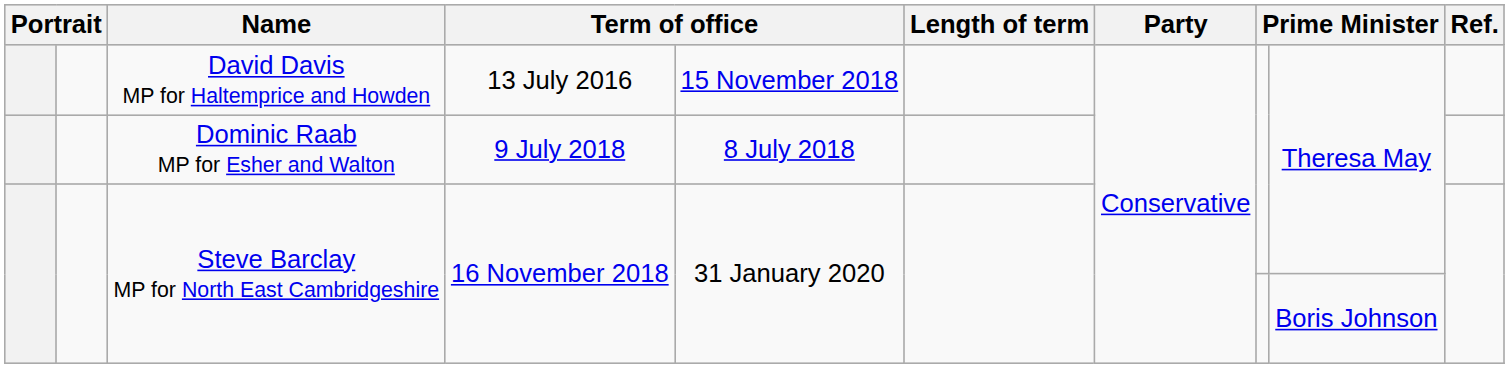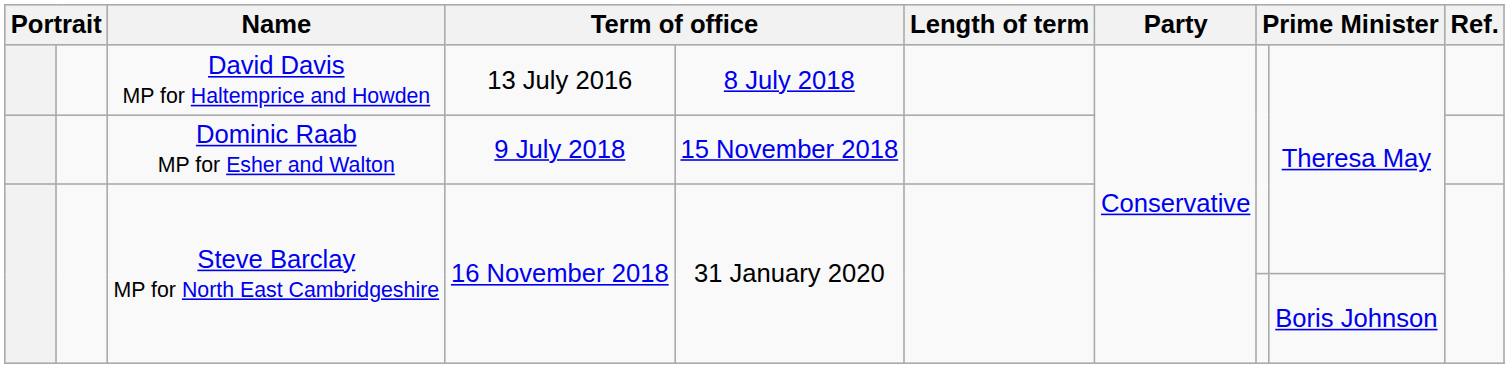 <table class="wikitable" style="text-align:center">
 <tr>
 <th colspan=2>Portrait</th>
 <th>Name</th>
 <th colspan=2>Term of office</th>
 <th>Length of term</th>
 <th>Party</th>
 <th colspan=2>Prime Minister</th>
 <th><abbr>Ref.</abbr></th>
 </tr>
 <tr>
 <th style="background-color: "></th>
 <td></td>
 <td><a href='#'>David Davis</a><br><small>MP for <a href='#'>Haltemprice and Howden</a></small></td>
 <td>13 July 2016</td>
-<td><a href='#'>15 November 2018</a></td>
+<td><a href='#'>8 July 2018</a></td>
 <td></td>
 <td rowspan="4"><a href='#'>Conservative</a></td>
 <td rowspan="3" style="background-color: "></td>
 <td rowspan="3"><a href='#'>Theresa May</a></td>
 <td></td>
 </tr>
 <tr>
 <th style="background-color: "></th>
 <td></td>
 <td><a href='#'>Dominic Raab</a><br><small>MP for <a href='#'>Esher and Walton</a></small></td>
 <td><a href='#'>9 July 2018</a></td>
-<td><a href='#'>8 July 2018</a></td>
+<td><a href='#'>15 November 2018</a></td>
 <td></td>
 <td></td>
 </tr>
 <tr style=height:3.5em>
 <th rowspan="2" style="background-color: "></th>
 <td rowspan="2"></td>
 <td rowspan="2"><a href='#'>Steve Barclay</a><br><small>MP for <a href='#'>North East Cambridgeshire</a></small></td>
 <td rowspan="2"><a href='#'>16 November 2018</a></td>
 <td rowspan="2">31 January 2020</td>
 <td rowspan="2"></td>
 <td rowspan="2"></td>
 </tr>
 <tr style=height:3.5em>
 <td style="background-color: "></td>
 <td><a href='#'>Boris Johnson</a></td>
 </tr>
 </table>
